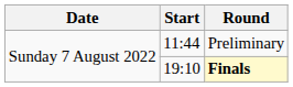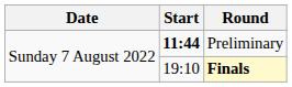 <table class=wikitable>
 <tr>
 <th>Date</th>
 <th>Start</th>
 <th>Round</th>
 </tr>
 <tr>
 <td rowspan=2>Sunday 7 August 2022</td>
-<td>11:44</td>
+<td><strong>11:44</strong></td>
 <td>Preliminary</td>
 </tr>
 <tr>
 <td>19:10</td>
 <td style=background:lemonchiffon><strong>Finals</strong></td>
 </tr>
 </table>
